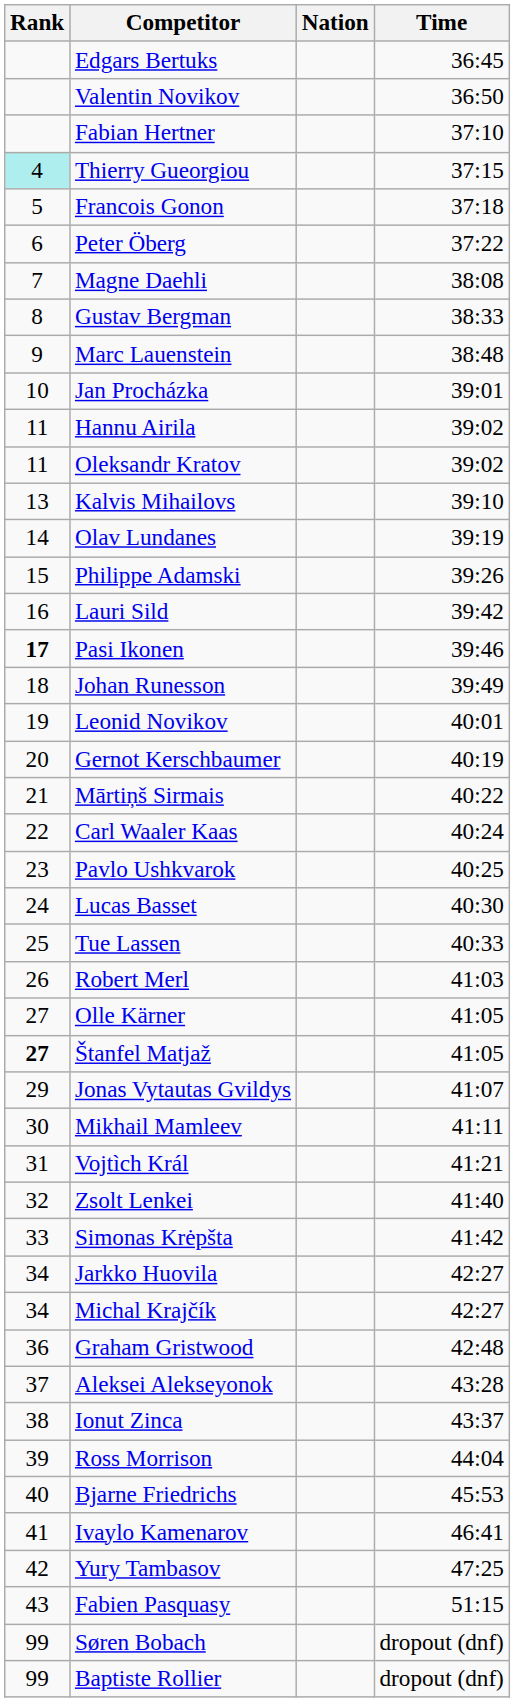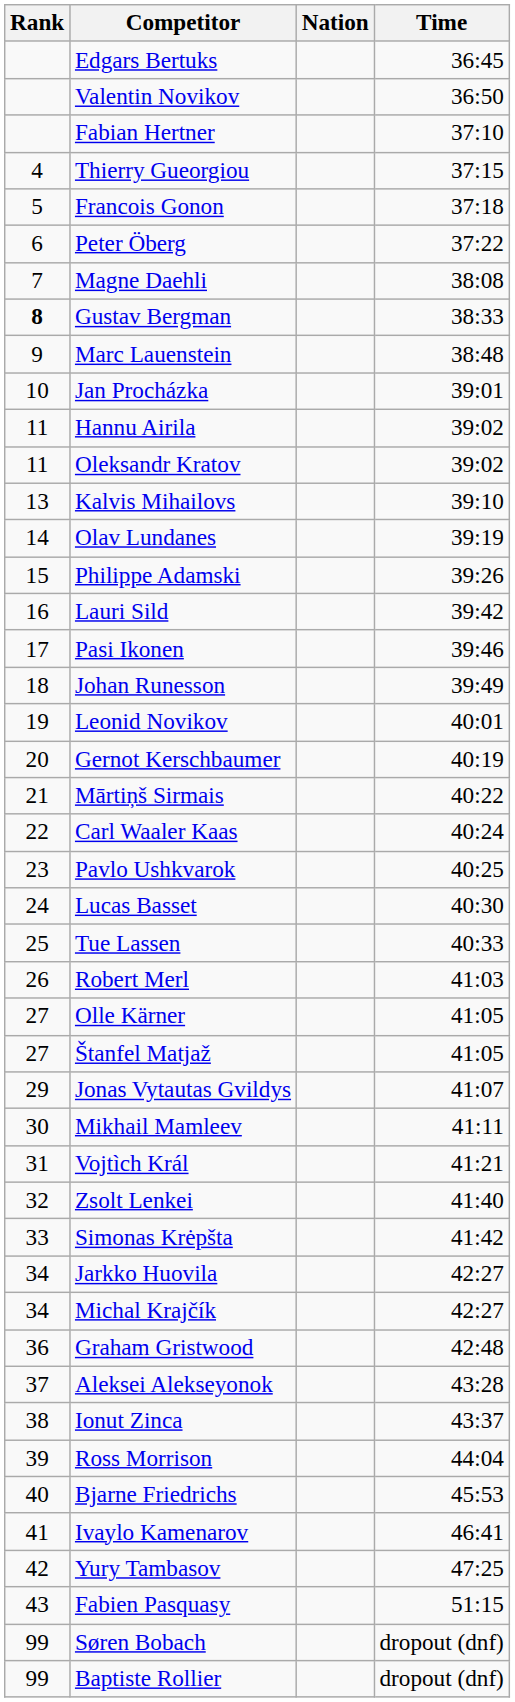 <table class="wikitable sortable" style="text-align:left">
 <tr>
 <th data-sort-type="number">Rank</th>
 <th class="unsortable">Competitor</th>
 <th>Nation</th>
 <th>Time</th>
 </tr>
 <tr>
 <td style="text-align:center"></td>
 <td><a href='#'>Edgars Bertuks</a></td>
 <td></td>
 <td style="text-align:right">36:45</td>
 </tr>
 <tr>
 <td style="text-align:center"></td>
 <td><a href='#'>Valentin Novikov</a></td>
 <td></td>
 <td style="text-align:right">36:50</td>
 </tr>
 <tr>
 <td style="text-align:center"></td>
 <td><a href='#'>Fabian Hertner</a></td>
 <td></td>
 <td style="text-align:right">37:10</td>
 </tr>
 <tr>
-<td style="background: paleturquoise; text-align:center">4</td>
+<td style="text-align:center">4</td>
 <td><a href='#'>Thierry Gueorgiou</a></td>
 <td></td>
 <td style="text-align:right">37:15</td>
 </tr>
 <tr>
 <td style="text-align:center">5</td>
 <td><a href='#'>Francois Gonon</a></td>
 <td></td>
 <td style="text-align:right">37:18</td>
 </tr>
 <tr>
 <td style="text-align:center">6</td>
 <td><a href='#'>Peter Öberg</a></td>
 <td></td>
 <td style="text-align:right">37:22</td>
 </tr>
 <tr>
 <td style="text-align:center">7</td>
 <td><a href='#'>Magne Daehli</a></td>
 <td></td>
 <td style="text-align:right">38:08</td>
 </tr>
 <tr>
-<td style="text-align:center">8</td>
+<td style="text-align:center"><strong>8</strong></td>
 <td><a href='#'>Gustav Bergman</a></td>
 <td></td>
 <td style="text-align:right">38:33</td>
 </tr>
 <tr>
 <td style="text-align:center">9</td>
 <td><a href='#'>Marc Lauenstein</a></td>
 <td></td>
 <td style="text-align:right">38:48</td>
 </tr>
 <tr>
 <td style="text-align:center">10</td>
 <td><a href='#'>Jan Procházka</a></td>
 <td></td>
 <td style="text-align:right">39:01</td>
 </tr>
 <tr>
 <td style="text-align:center">11</td>
 <td><a href='#'>Hannu Airila</a></td>
 <td></td>
 <td style="text-align:right">39:02</td>
 </tr>
 <tr>
 <td style="text-align:center">11</td>
 <td><a href='#'>Oleksandr Kratov</a></td>
 <td></td>
 <td style="text-align:right">39:02</td>
 </tr>
 <tr>
 <td style="text-align:center">13</td>
 <td><a href='#'>Kalvis Mihailovs</a></td>
 <td></td>
 <td style="text-align:right">39:10</td>
 </tr>
 <tr>
 <td style="text-align:center">14</td>
 <td><a href='#'>Olav Lundanes</a></td>
 <td></td>
 <td style="text-align:right">39:19</td>
 </tr>
 <tr>
 <td style="text-align:center">15</td>
 <td><a href='#'>Philippe Adamski</a></td>
 <td></td>
 <td style="text-align:right">39:26</td>
 </tr>
 <tr>
 <td style="text-align:center">16</td>
 <td><a href='#'>Lauri Sild</a></td>
 <td></td>
 <td style="text-align:right">39:42</td>
 </tr>
 <tr>
-<td style="text-align:center"><strong>17</strong></td>
+<td style="text-align:center">17</td>
 <td><a href='#'>Pasi Ikonen</a></td>
 <td></td>
 <td style="text-align:right">39:46</td>
 </tr>
 <tr>
 <td style="text-align:center">18</td>
 <td><a href='#'>Johan Runesson</a></td>
 <td></td>
 <td style="text-align:right">39:49</td>
 </tr>
 <tr>
 <td style="text-align:center">19</td>
 <td><a href='#'>Leonid Novikov</a></td>
 <td></td>
 <td style="text-align:right">40:01</td>
 </tr>
 <tr>
 <td style="text-align:center">20</td>
 <td><a href='#'>Gernot Kerschbaumer</a></td>
 <td></td>
 <td style="text-align:right">40:19</td>
 </tr>
 <tr>
 <td style="text-align:center">21</td>
 <td><a href='#'>Mārtiņš Sirmais</a></td>
 <td></td>
 <td style="text-align:right">40:22</td>
 </tr>
 <tr>
 <td style="text-align:center">22</td>
 <td><a href='#'>Carl Waaler Kaas</a></td>
 <td></td>
 <td style="text-align:right">40:24</td>
 </tr>
 <tr>
 <td style="text-align:center">23</td>
 <td><a href='#'>Pavlo Ushkvarok</a></td>
 <td></td>
 <td style="text-align:right">40:25</td>
 </tr>
 <tr>
 <td style="text-align:center">24</td>
 <td><a href='#'>Lucas Basset</a></td>
 <td></td>
 <td style="text-align:right">40:30</td>
 </tr>
 <tr>
 <td style="text-align:center">25</td>
 <td><a href='#'>Tue Lassen</a></td>
 <td></td>
 <td style="text-align:right">40:33</td>
 </tr>
 <tr>
 <td style="text-align:center">26</td>
 <td><a href='#'>Robert Merl</a></td>
 <td></td>
 <td style="text-align:right">41:03</td>
 </tr>
 <tr>
 <td style="text-align:center">27</td>
 <td><a href='#'>Olle Kärner</a></td>
 <td></td>
 <td style="text-align:right">41:05</td>
 </tr>
 <tr>
-<td style="text-align:center"><strong>27</strong></td>
+<td style="text-align:center">27</td>
 <td><a href='#'>Štanfel Matjaž</a></td>
 <td></td>
 <td style="text-align:right">41:05</td>
 </tr>
 <tr>
 <td style="text-align:center">29</td>
 <td><a href='#'>Jonas Vytautas Gvildys</a></td>
 <td></td>
 <td style="text-align:right">41:07</td>
 </tr>
 <tr>
 <td style="text-align:center">30</td>
 <td><a href='#'>Mikhail Mamleev</a></td>
 <td></td>
 <td style="text-align:right">41:11</td>
 </tr>
 <tr>
 <td style="text-align:center">31</td>
 <td><a href='#'>Vojtìch Král</a></td>
 <td></td>
 <td style="text-align:right">41:21</td>
 </tr>
 <tr>
 <td style="text-align:center">32</td>
 <td><a href='#'>Zsolt Lenkei</a></td>
 <td></td>
 <td style="text-align:right">41:40</td>
 </tr>
 <tr>
 <td style="text-align:center">33</td>
 <td><a href='#'>Simonas Krėpšta</a></td>
 <td></td>
 <td style="text-align:right">41:42</td>
 </tr>
 <tr>
 <td style="text-align:center">34</td>
 <td><a href='#'>Jarkko Huovila</a></td>
 <td></td>
 <td style="text-align:right">42:27</td>
 </tr>
 <tr>
 <td style="text-align:center">34</td>
 <td><a href='#'>Michal Krajčík</a></td>
 <td></td>
 <td style="text-align:right">42:27</td>
 </tr>
 <tr>
 <td style="text-align:center">36</td>
 <td><a href='#'>Graham Gristwood</a></td>
 <td></td>
 <td style="text-align:right">42:48</td>
 </tr>
 <tr>
 <td style="text-align:center">37</td>
 <td><a href='#'>Aleksei Alekseyonok</a></td>
 <td></td>
 <td style="text-align:right">43:28</td>
 </tr>
 <tr>
 <td style="text-align:center">38</td>
 <td><a href='#'>Ionut Zinca</a></td>
 <td></td>
 <td style="text-align:right">43:37</td>
 </tr>
 <tr>
 <td style="text-align:center">39</td>
 <td><a href='#'>Ross Morrison</a></td>
 <td></td>
 <td style="text-align:right">44:04</td>
 </tr>
 <tr>
 <td style="text-align:center">40</td>
 <td><a href='#'>Bjarne Friedrichs</a></td>
 <td></td>
 <td style="text-align:right">45:53</td>
 </tr>
 <tr>
 <td style="text-align:center">41</td>
 <td><a href='#'>Ivaylo Kamenarov</a></td>
 <td></td>
 <td style="text-align:right">46:41</td>
 </tr>
 <tr>
 <td style="text-align:center">42</td>
 <td><a href='#'>Yury Tambasov</a></td>
 <td></td>
 <td style="text-align:right">47:25</td>
 </tr>
 <tr>
 <td style="text-align:center">43</td>
 <td><a href='#'>Fabien Pasquasy</a></td>
 <td></td>
 <td style="text-align:right">51:15</td>
 </tr>
 <tr>
 <td style="text-align:center"><span>99</span></td>
 <td><a href='#'>Søren Bobach</a></td>
 <td></td>
 <td style="text-align:center">dropout (dnf)</td>
 </tr>
 <tr>
 <td style="text-align:center"><span>99</span></td>
 <td><a href='#'>Baptiste Rollier</a></td>
 <td></td>
 <td style="text-align:center">dropout (dnf)</td>
 </tr>
 </table>
